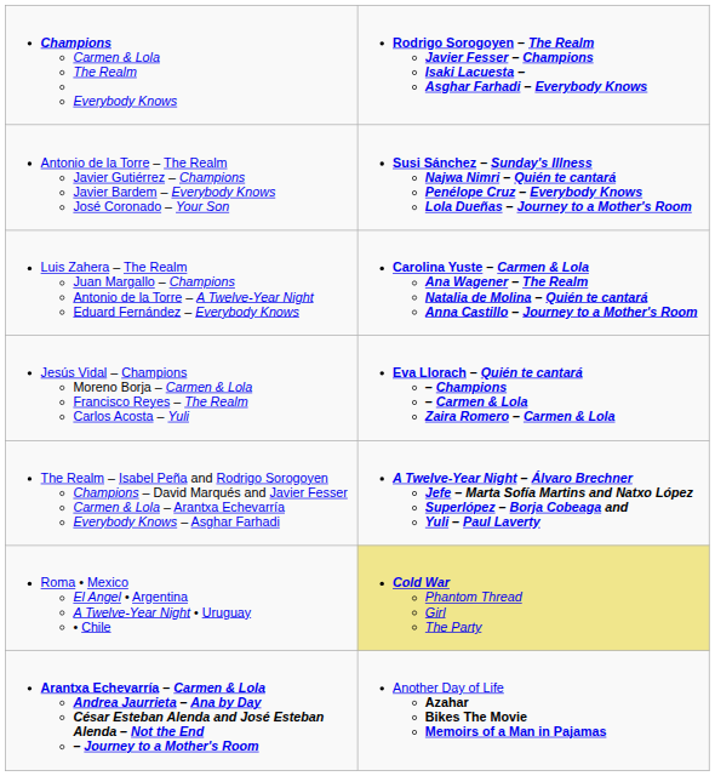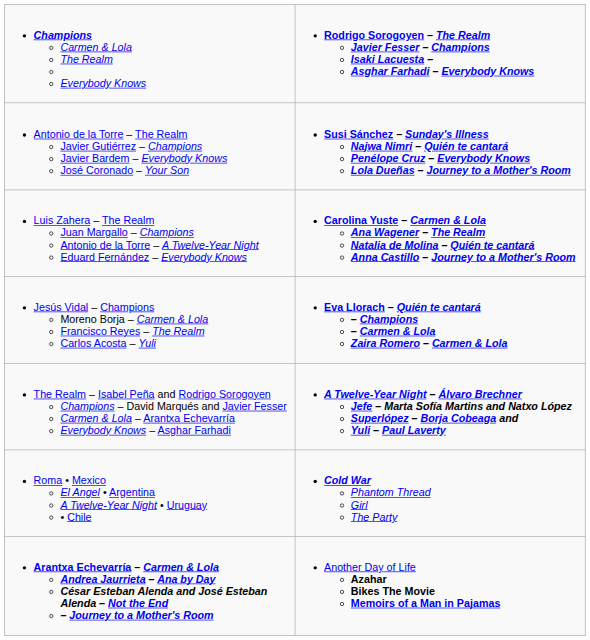 <table class=wikitable style="width=100%">
 <tr>
 <td style="vertical-align:top;" width="50%"><br><ul><li><strong><em><a href='#'>Champions</a></em></strong><ul><li><em><a href='#'>Carmen & Lola</a></em></li><li><em><a href='#'>The Realm</a></em></li><li><em></em></li><li><em><a href='#'>Everybody Knows</a></em></li></ul></li></ul></td>
 <td style="vertical-align:top;" width="50%"><br><ul><li><strong><a href='#'>Rodrigo Sorogoyen</a> – <em><a href='#'>The Realm</a><strong><em><ul><li><a href='#'>Javier Fesser</a> – </em><a href='#'>Champions</a><em></li><li><a href='#'>Isaki Lacuesta</a> – </em><em></li><li><a href='#'>Asghar Farhadi</a> – </em><a href='#'>Everybody Knows</a><em></li></ul></li></ul></td>
 </tr>
 <tr>
 <td style="vertical-align:top;" width="50%"><br><ul><li></strong><a href='#'>Antonio de la Torre</a> – </em><a href='#'>The Realm</a></em></strong><ul><li><a href='#'>Javier Gutiérrez</a> – <em><a href='#'>Champions</a></em></li><li><a href='#'>Javier Bardem</a> – <em><a href='#'>Everybody Knows</a></em></li><li><a href='#'>José Coronado</a> – <em><a href='#'>Your Son</a></em></li></ul></li></ul></td>
 <td style="vertical-align:top;" width="50%"><br><ul><li><strong><a href='#'>Susi Sánchez</a> – <em><a href='#'>Sunday's Illness</a><strong><em><ul><li><a href='#'>Najwa Nimri</a> – </em><a href='#'>Quién te cantará</a><em></li><li><a href='#'>Penélope Cruz</a> – </em><a href='#'>Everybody Knows</a><em></li><li><a href='#'>Lola Dueñas</a> – </em><a href='#'>Journey to a Mother's Room</a><em></li></ul></li></ul></td>
 </tr>
 <tr>
 <td style="vertical-align:top;" width="50%"><br><ul><li></strong><a href='#'>Luis Zahera</a> – </em><a href='#'>The Realm</a></em></strong><ul><li><a href='#'>Juan Margallo</a> – <em><a href='#'>Champions</a></em></li><li><a href='#'>Antonio de la Torre</a> – <em><a href='#'>A Twelve-Year Night</a></em></li><li><a href='#'>Eduard Fernández</a> – <em><a href='#'>Everybody Knows</a></em></li></ul></li></ul></td>
 <td style="vertical-align:top;" width="50%"><br><ul><li><strong><a href='#'>Carolina Yuste</a> – <em><a href='#'>Carmen & Lola</a><strong><em><ul><li><a href='#'>Ana Wagener</a> – </em><a href='#'>The Realm</a><em></li><li><a href='#'>Natalia de Molina</a> – </em><a href='#'>Quién te cantará</a><em></li><li><a href='#'>Anna Castillo</a> – </em><a href='#'>Journey to a Mother's Room</a><em></li></ul></li></ul></td>
 </tr>
 <tr>
 <td style="vertical-align:top;" width="50%"><br><ul><li></strong><a href='#'>Jesús Vidal</a> – </em><a href='#'>Champions</a></em></strong><ul><li>Moreno Borja – <em><a href='#'>Carmen & Lola</a></em></li><li><a href='#'>Francisco Reyes</a> – <em><a href='#'>The Realm</a></em></li><li><a href='#'>Carlos Acosta</a> – <em><a href='#'>Yuli</a></em></li></ul></li></ul></td>
 <td style="vertical-align:top;" width="50%"><br><ul><li><strong><a href='#'>Eva Llorach</a> – <em><a href='#'>Quién te cantará</a><strong><em><ul><li> – </em><a href='#'>Champions</a><em></li><li> – </em><a href='#'>Carmen & Lola</a><em></li><li><a href='#'>Zaira Romero</a> – </em><a href='#'>Carmen & Lola</a><em></li></ul></li></ul></td>
 </tr>
 <tr>
 <td style="vertical-align:top;" width="50%"><br><ul><li></em></strong><a href='#'>The Realm</a></em> – <a href='#'>Isabel Peña</a> and <a href='#'>Rodrigo Sorogoyen</a></strong><ul><li><em><a href='#'>Champions</a></em> – David Marqués and <a href='#'>Javier Fesser</a></li><li><em><a href='#'>Carmen & Lola</a></em> – <a href='#'>Arantxa Echevarría</a></li><li><em><a href='#'>Everybody Knows</a></em> – <a href='#'>Asghar Farhadi</a></li></ul></li></ul></td>
 <td style="vertical-align:top;" width="50%"><br><ul><li><strong><em><a href='#'>A Twelve-Year Night</a><em> – <a href='#'>Álvaro Brechner</a><strong><ul><li></em><a href='#'>Jefe</a><em> – Marta Sofía Martins and Natxo López</li><li></em><a href='#'>Superlópez</a><em> – <a href='#'>Borja Cobeaga</a> and </li><li></em><a href='#'>Yuli</a><em> – <a href='#'>Paul Laverty</a></li></ul></li></ul></td>
 </tr>
 <tr>
 <td style="vertical-align:top;" width="50%"><br><ul><li></em></strong><a href='#'>Roma</a></em> • <a href='#'>Mexico</a></strong><ul><li><em><a href='#'>El Angel</a></em> • <a href='#'>Argentina</a></li><li><em><a href='#'>A Twelve-Year Night</a></em> • <a href='#'>Uruguay</a></li><li><em></em> • <a href='#'>Chile</a></li></ul></li></ul></td>
-<td style="background: khaki; vertical-align:top;" width="50%"><br><ul><li><strong><em><a href='#'>Cold War</a></em></strong><ul><li><em><a href='#'>Phantom Thread</a></em></li><li><em><a href='#'>Girl</a></em></li><li><em><a href='#'>The Party</a></em></li></ul></li></ul></td>
+<td style="vertical-align:top;" width="50%"><br><ul><li><strong><em><a href='#'>Cold War</a></em></strong><ul><li><em><a href='#'>Phantom Thread</a></em></li><li><em><a href='#'>Girl</a></em></li><li><em><a href='#'>The Party</a></em></li></ul></li></ul></td>
 </tr>
 <tr>
 <td style="vertical-align:top;" width="50%"><br><ul><li><strong><a href='#'>Arantxa Echevarría</a> – <em><a href='#'>Carmen & Lola</a><strong><em><ul><li><a href='#'>Andrea Jaurrieta</a> – </em><a href='#'>Ana by Day</a><em></li><li>César Esteban Alenda and José Esteban Alenda – </em><a href='#'>Not the End</a><em></li><li> – </em><a href='#'>Journey to a Mother's Room</a><em></li></ul></li></ul></td>
 <td style="vertical-align:top;" width="50%"><br><ul><li></em></strong><a href='#'>Another Day of Life</a><strong><em><ul><li></em>Azahar<em></li><li></em>Bikes The Movie<em></li><li></em><a href='#'>Memoirs of a Man in Pajamas</a><em></li></ul></li></ul></td>
 </tr>
 </table>
